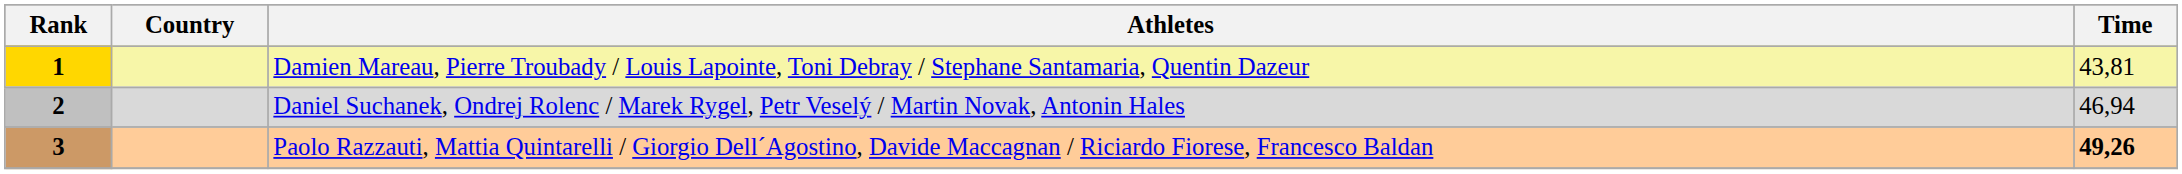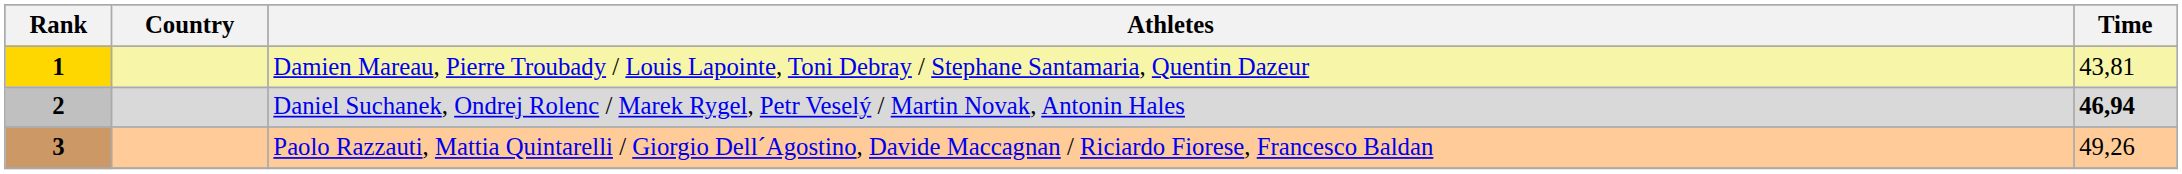 <table class="wikitable" width=100% style="font-size:90%; text-align:left;">
 <tr>
 <th>Rank</th>
 <th>Country</th>
 <th>Athletes</th>
 <th>Time</th>
 </tr>
 <tr align="center" valign="top" bgcolor="#F7F6A8">
 <th style="background:#ffd700;">1</th>
 <td align="left"></td>
 <td align="left"><a href='#'>Damien Mareau</a>, <a href='#'>Pierre Troubady</a> / <a href='#'>Louis Lapointe</a>, <a href='#'>Toni Debray</a> / <a href='#'>Stephane Santamaria</a>, <a href='#'>Quentin Dazeur</a></td>
 <td align="left">43,81</td>
 </tr>
 <tr align="center" valign="top" bgcolor="#D9D9D9">
 <th style="background:#c0c0c0;">2</th>
 <td align="left"></td>
 <td align="left"><a href='#'>Daniel Suchanek</a>, <a href='#'>Ondrej Rolenc</a> / <a href='#'>Marek Rygel</a>, <a href='#'>Petr Veselý</a> / <a href='#'>Martin Novak</a>, <a href='#'>Antonin Hales</a></td>
-<td align="left">46,94</td>
+<td align="left"><strong>46,94</strong></td>
 </tr>
 <tr align="center" valign="top" bgcolor="#FFCC99">
 <th style="background:#cc9966;">3</th>
 <td align="left"></td>
 <td align="left"><a href='#'>Paolo Razzauti</a>, <a href='#'>Mattia Quintarelli</a> / <a href='#'>Giorgio Dell´Agostino</a>, <a href='#'>Davide Maccagnan</a> / <a href='#'>Riciardo Fiorese</a>, <a href='#'>Francesco Baldan</a></td>
-<td align="left"><strong>49,26</strong></td>
+<td align="left">49,26</td>
 </tr>
 <tr align="center" valign="top" bgcolor="#FFFFFF">
 </tr>
 </table>
